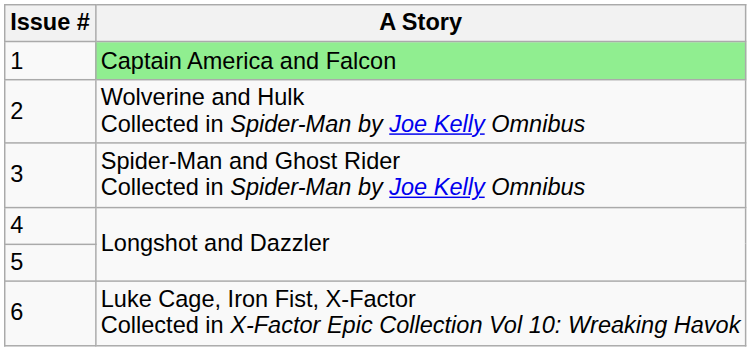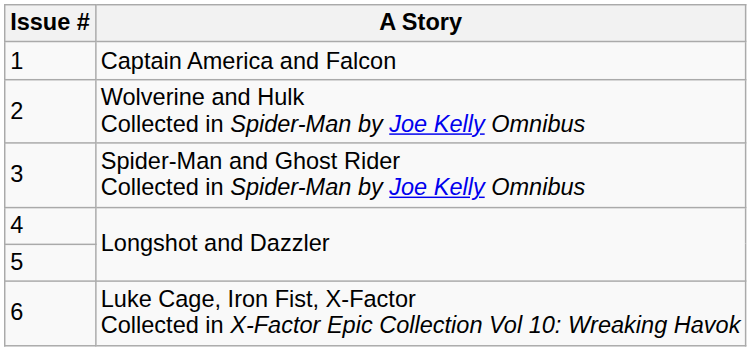 <table class="wikitable">
 <tr>
 <th>Issue #</th>
 <th>A Story</th>
 </tr>
 <tr>
 <td>1</td>
-<td style="background: lightgreen;">Captain America and Falcon</td>
+<td>Captain America and Falcon</td>
 </tr>
 <tr>
 <td>2</td>
 <td>Wolverine and Hulk<br>Collected in <em>Spider-Man by <a href='#'>Joe Kelly</a> Omnibus</em></td>
 </tr>
 <tr>
 <td>3</td>
 <td>Spider-Man and Ghost Rider<br>Collected in <em>Spider-Man by <a href='#'>Joe Kelly</a> Omnibus</em></td>
 </tr>
 <tr>
 <td>4</td>
 <td rowspan="2">Longshot and Dazzler</td>
 </tr>
 <tr>
 <td>5</td>
 </tr>
 <tr>
 <td>6</td>
 <td>Luke Cage, Iron Fist, X-Factor<br>Collected in <em>X-Factor Epic Collection Vol 10: Wreaking Havok</em></td>
 </tr>
 </table>
